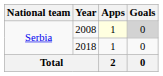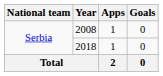 <table class="wikitable" style="text-align:center">
 <tr>
 <th>National team</th>
 <th>Year</th>
 <th>Apps</th>
 <th>Goals</th>
 </tr>
 <tr>
 <td rowspan="2"><a href='#'>Serbia</a></td>
 <td>2008</td>
-<td style="background: lightyellow;">1</td>
-<td style="background: lightgrey;">0</td>
+<td>1</td>
+<td>0</td>
 </tr>
 <tr>
 <td>2018</td>
 <td>1</td>
 <td>0</td>
 </tr>
 <tr>
 <th colspan="2">Total</th>
 <th>2</th>
 <th>0</th>
 </tr>
 </table>
